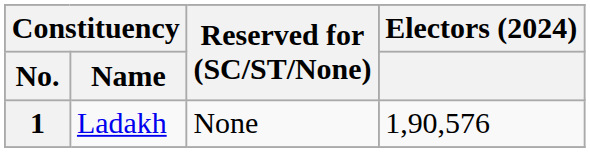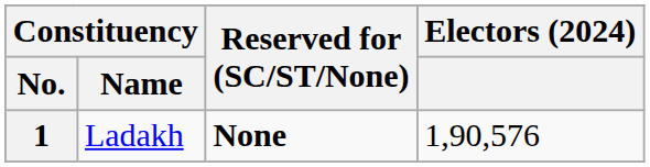 <table class="wikitable sortable">
 <tr>
 <th scope=colgroup colspan="2">Constituency</th>
 <th scope=col rowspan=2>Reserved for<br>(SC/ST/None)</th>
 <th>Electors (2024)</th>
 </tr>
 <tr>
 <th scope=col>No.</th>
 <th scope=col>Name</th>
 <th></th>
 </tr>
 <tr>
 <th scope=row>1</th>
 <td><a href='#'>Ladakh</a></td>
-<td>None</td>
+<td><strong>None</strong></td>
 <td>1,90,576</td>
 </tr>
 </table>
